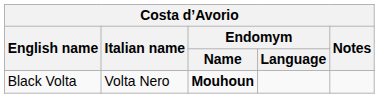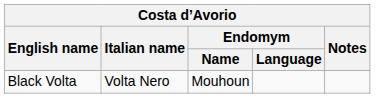 <table class="wikitable sortable">
 <tr>
 <th colspan="5"> Costa d’Avorio</th>
 </tr>
 <tr>
 <th rowspan="2">English name</th>
 <th rowspan="2">Italian name</th>
 <th colspan="2">Endomym</th>
 <th rowspan="2">Notes</th>
 </tr>
 <tr>
 <th>Name</th>
 <th>Language</th>
 </tr>
 <tr>
 <td>Black Volta</td>
 <td>Volta Nero</td>
-<td><strong>Mouhoun</strong></td>
+<td>Mouhoun</td>
 <td></td>
 <td></td>
 </tr>
 </table>
